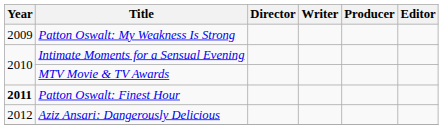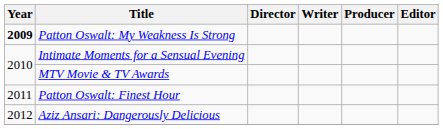 <table class="wikitable">
 <tr>
 <th scope="col">Year</th>
 <th scope="col">Title</th>
 <th scope="col">Director</th>
 <th scope="col">Writer</th>
 <th scope="col">Producer</th>
 <th scope="col">Editor</th>
 </tr>
 <tr>
-<td>2009</td>
+<td><strong>2009</strong></td>
 <td scope="row"><em><a href='#'>Patton Oswalt: My Weakness Is Strong</a></em></td>
 <td></td>
 <td></td>
 <td></td>
 <td></td>
 </tr>
 <tr>
 <td rowspan=2>2010</td>
 <td scope="row"><em><a href='#'>Intimate Moments for a Sensual Evening</a></em></td>
 <td></td>
 <td></td>
 <td></td>
 <td></td>
 </tr>
 <tr>
 <td scope="row"><em><a href='#'>MTV Movie & TV Awards</a></em></td>
 <td></td>
 <td></td>
 <td></td>
 <td></td>
 </tr>
 <tr>
-<td><strong>2011</strong></td>
+<td>2011</td>
 <td scope="row"><em><a href='#'>Patton Oswalt: Finest Hour</a></em></td>
 <td></td>
 <td></td>
 <td></td>
 <td></td>
 </tr>
 <tr>
 <td>2012</td>
 <td scope="row"><em><a href='#'>Aziz Ansari: Dangerously Delicious</a></em></td>
 <td></td>
 <td></td>
 <td></td>
 <td></td>
 </tr>
 <tr>
 </tr>
 </table>
